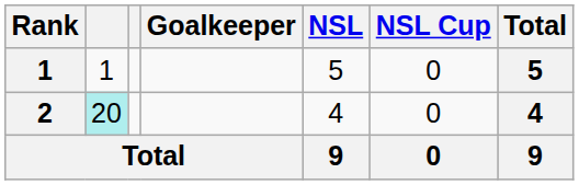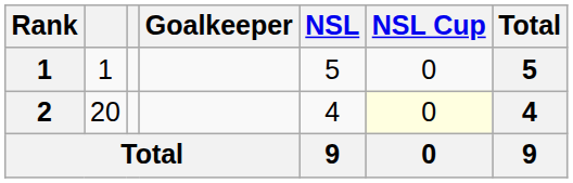 <table class="wikitable sortable" style="text-align:center">
 <tr>
 <th>Rank</th>
 <th></th>
 <th></th>
 <th>Goalkeeper</th>
 <th><a href='#'>NSL</a></th>
 <th><a href='#'>NSL Cup</a></th>
 <th>Total</th>
 </tr>
 <tr>
 <th>1</th>
 <td>1</td>
 <td></td>
 <td align="left"></td>
 <td>5</td>
 <td>0</td>
 <th>5</th>
 </tr>
 <tr>
 <th>2</th>
-<td style="background: paleturquoise;">20</td>
+<td>20</td>
 <td></td>
 <td align="left"></td>
 <td>4</td>
-<td>0</td>
+<td style="background: lightyellow;">0</td>
 <th>4</th>
 </tr>
 <tr>
 <th colspan="4">Total</th>
 <th>9</th>
 <th>0</th>
 <th>9</th>
 </tr>
 </table>
